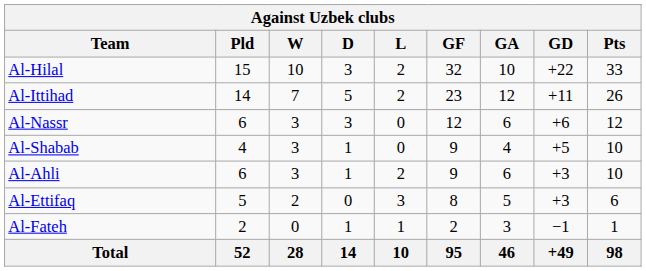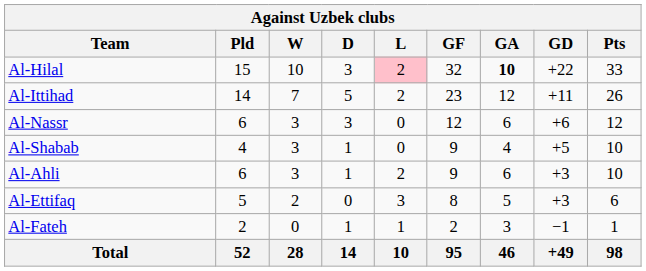 <table class="wikitable" style="width:70%; text-align:center;">
 <tr>
 <th colspan=9>Against Uzbek clubs</th>
 </tr>
 <tr>
 <th style="width:20%;">Team</th>
 <th width=5%>Pld</th>
 <th width=5%>W</th>
 <th width=5%>D</th>
 <th width=5%>L</th>
 <th width=5%>GF</th>
 <th width=5%>GA</th>
 <th width=5%>GD</th>
 <th width=5%>Pts</th>
 </tr>
 <tr>
 <td align=left> <a href='#'>Al-Hilal</a></td>
 <td>15</td>
 <td>10</td>
 <td>3</td>
-<td>2</td>
+<td style="background: pink;">2</td>
 <td>32</td>
-<td>10</td>
+<td><strong>10</strong></td>
 <td>+22</td>
 <td>33</td>
 </tr>
 <tr>
 <td align=left> <a href='#'>Al-Ittihad</a></td>
 <td>14</td>
 <td>7</td>
 <td>5</td>
 <td>2</td>
 <td>23</td>
 <td>12</td>
 <td>+11</td>
 <td>26</td>
 </tr>
 <tr>
 <td align=left> <a href='#'>Al-Nassr</a></td>
 <td>6</td>
 <td>3</td>
 <td>3</td>
 <td>0</td>
 <td>12</td>
 <td>6</td>
 <td>+6</td>
 <td>12</td>
 </tr>
 <tr>
 <td align=left> <a href='#'>Al-Shabab</a></td>
 <td>4</td>
 <td>3</td>
 <td>1</td>
 <td>0</td>
 <td>9</td>
 <td>4</td>
 <td>+5</td>
 <td>10</td>
 </tr>
 <tr>
 <td align=left> <a href='#'>Al-Ahli</a></td>
 <td>6</td>
 <td>3</td>
 <td>1</td>
 <td>2</td>
 <td>9</td>
 <td>6</td>
 <td>+3</td>
 <td>10</td>
 </tr>
 <tr>
 <td align=left> <a href='#'>Al-Ettifaq</a></td>
 <td>5</td>
 <td>2</td>
 <td>0</td>
 <td>3</td>
 <td>8</td>
 <td>5</td>
 <td>+3</td>
 <td>6</td>
 </tr>
 <tr>
 <td align=left> <a href='#'>Al-Fateh</a></td>
 <td>2</td>
 <td>0</td>
 <td>1</td>
 <td>1</td>
 <td>2</td>
 <td>3</td>
 <td>−1</td>
 <td>1</td>
 </tr>
 <tr>
 <th>Total</th>
 <th>52</th>
 <th>28</th>
 <th>14</th>
 <th>10</th>
 <th>95</th>
 <th>46</th>
 <th>+49</th>
 <th>98</th>
 </tr>
 </table>
